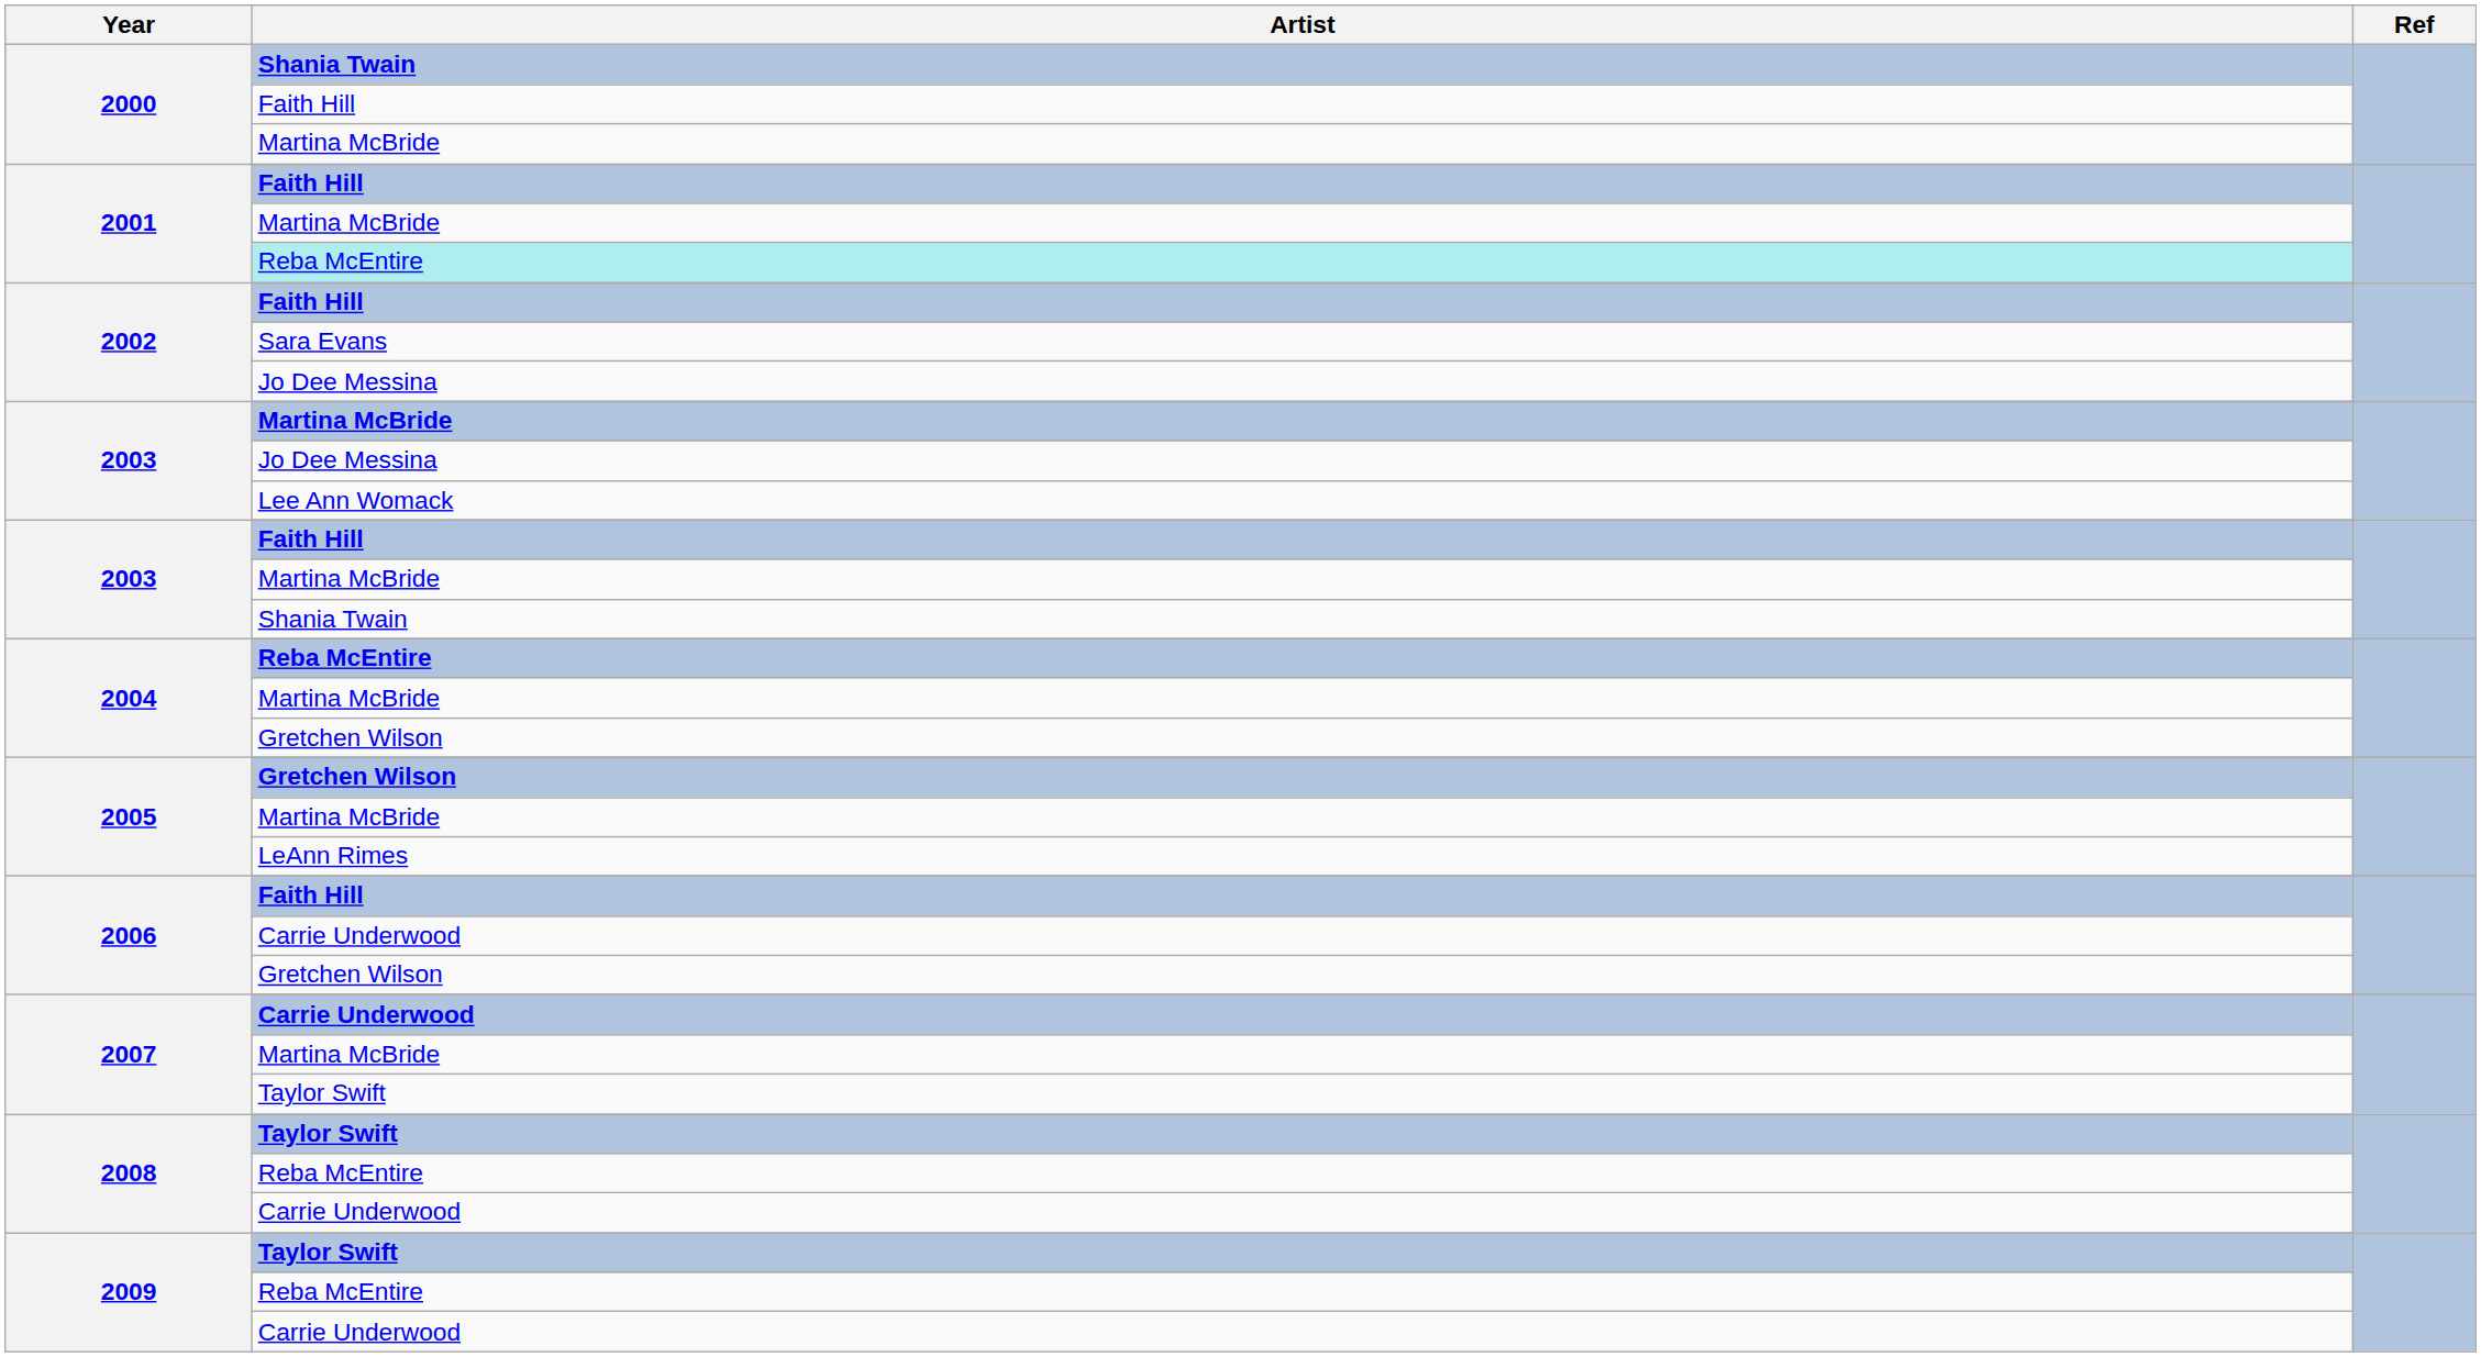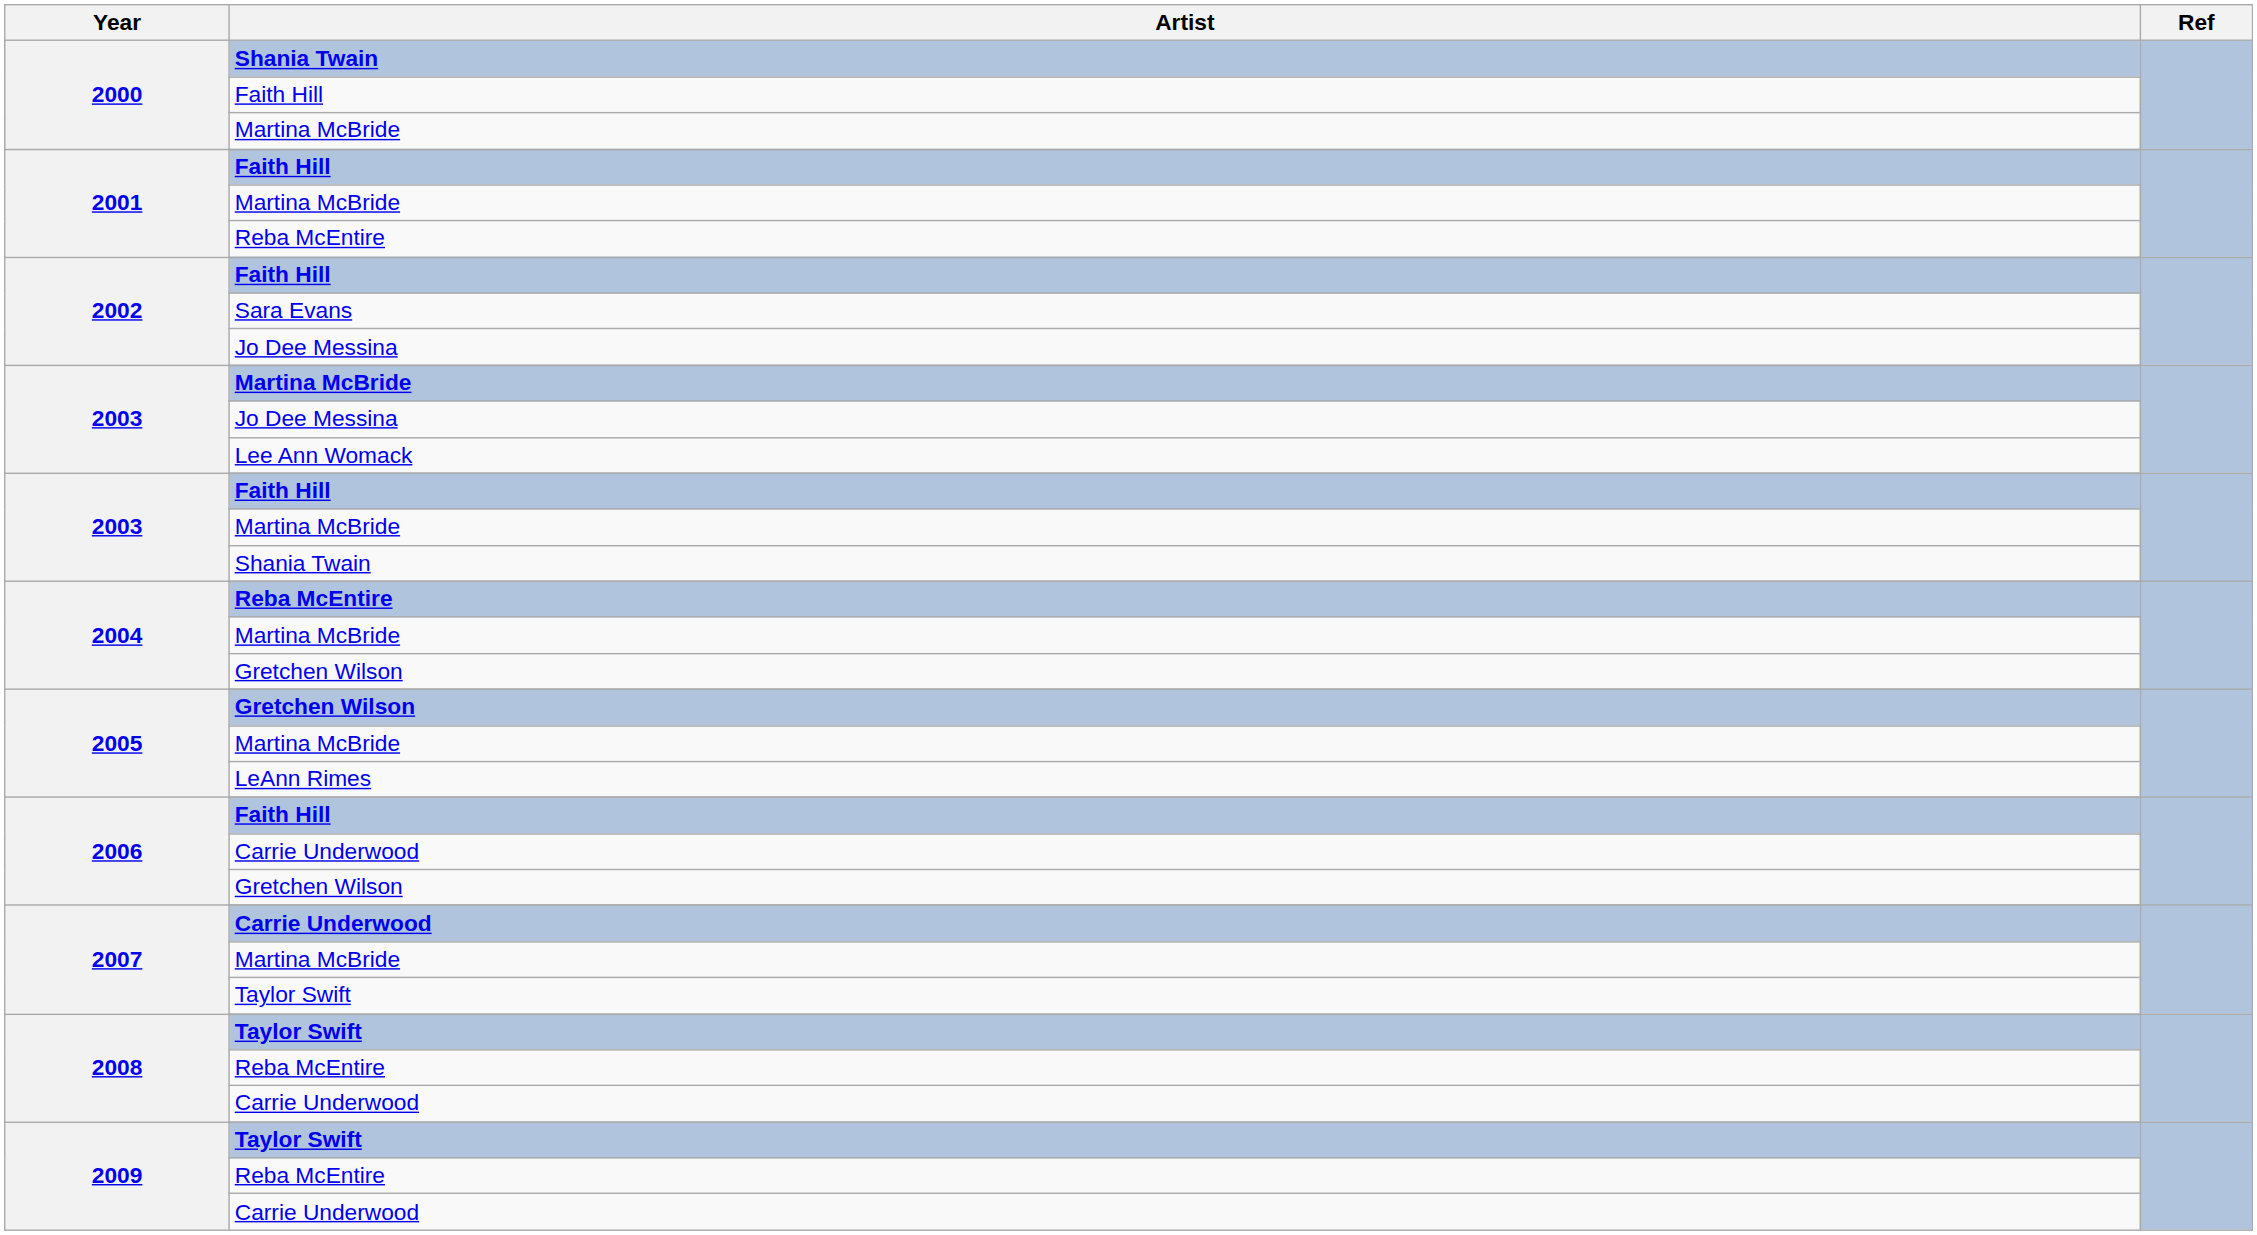 <table class="wikitable" width="100%">
 <tr>
 <th width="10%">Year</th>
 <th width="85%">Artist</th>
 <th width="5%">Ref</th>
 </tr>
 <tr style="background:#B0C4DE">
 <th rowspan="3"><a href='#'>2000<br></a></th>
 <td><strong><a href='#'>Shania Twain</a></strong></td>
 <td rowspan="4" align="center"></td>
 </tr>
 <tr>
 <td><a href='#'>Faith Hill</a></td>
 </tr>
 <tr>
 <td><a href='#'>Martina McBride</a></td>
 </tr>
 <tr>
 <th rowspan="4" align="center"><a href='#'>2001<br></a></th>
 </tr>
 <tr style="background:#B0C4DE">
 <td><strong><a href='#'>Faith Hill</a></strong></td>
 <td rowspan="4" align="center"></td>
 </tr>
 <tr>
 <td><a href='#'>Martina McBride</a></td>
 </tr>
 <tr>
-<td style="background: paleturquoise;"><a href='#'>Reba McEntire</a></td>
+<td><a href='#'>Reba McEntire</a></td>
 </tr>
 <tr>
 <th rowspan="4" align="center"><a href='#'>2002<br></a></th>
 </tr>
 <tr style="background:#B0C4DE">
 <td><strong><a href='#'>Faith Hill</a></strong></td>
 <td rowspan="4" align="center"></td>
 </tr>
 <tr>
 <td><a href='#'>Sara Evans</a></td>
 </tr>
 <tr>
 <td><a href='#'>Jo Dee Messina</a></td>
 </tr>
 <tr>
 <th rowspan="4" align="center"><a href='#'>2003<br></a></th>
 </tr>
 <tr style="background:#B0C4DE">
 <td><strong><a href='#'>Martina McBride</a></strong></td>
 <td rowspan="4" align="center"></td>
 </tr>
 <tr>
 <td><a href='#'>Jo Dee Messina</a></td>
 </tr>
 <tr>
 <td><a href='#'>Lee Ann Womack</a></td>
 </tr>
 <tr>
 <th rowspan="4" align="center"><a href='#'>2003<br></a></th>
 </tr>
 <tr style="background:#B0C4DE">
 <td><strong><a href='#'>Faith Hill</a></strong></td>
 <td rowspan="4" align="center"></td>
 </tr>
 <tr>
 <td><a href='#'>Martina McBride</a></td>
 </tr>
 <tr>
 <td><a href='#'>Shania Twain</a></td>
 </tr>
 <tr>
 <th rowspan="4" align="center"><a href='#'>2004<br></a></th>
 </tr>
 <tr style="background:#B0C4DE">
 <td><strong><a href='#'>Reba McEntire</a></strong></td>
 <td rowspan="4" align="center"></td>
 </tr>
 <tr>
 <td><a href='#'>Martina McBride</a></td>
 </tr>
 <tr>
 <td><a href='#'>Gretchen Wilson</a></td>
 </tr>
 <tr>
 <th rowspan="4" align="center"><a href='#'>2005<br></a></th>
 </tr>
 <tr style="background:#B0C4DE">
 <td><strong><a href='#'>Gretchen Wilson</a></strong></td>
 <td rowspan="4" align="center"></td>
 </tr>
 <tr>
 <td><a href='#'>Martina McBride</a></td>
 </tr>
 <tr>
 <td><a href='#'>LeAnn Rimes</a></td>
 </tr>
 <tr>
 <th rowspan="4" align="center"><a href='#'>2006<br></a></th>
 </tr>
 <tr style="background:#B0C4DE">
 <td><strong><a href='#'>Faith Hill</a></strong></td>
 <td rowspan="4" align="center"></td>
 </tr>
 <tr>
 <td><a href='#'>Carrie Underwood</a></td>
 </tr>
 <tr>
 <td><a href='#'>Gretchen Wilson</a></td>
 </tr>
 <tr>
 <th rowspan="4" align="center"><a href='#'>2007<br></a></th>
 </tr>
 <tr style="background:#B0C4DE">
 <td><strong><a href='#'>Carrie Underwood</a></strong></td>
 <td rowspan="4" align="center"></td>
 </tr>
 <tr>
 <td><a href='#'>Martina McBride</a></td>
 </tr>
 <tr>
 <td><a href='#'>Taylor Swift</a></td>
 </tr>
 <tr>
 <th rowspan="4" align="center"><a href='#'>2008<br></a></th>
 </tr>
 <tr style="background:#B0C4DE">
 <td><strong><a href='#'>Taylor Swift</a></strong></td>
 <td rowspan="4" align="center"></td>
 </tr>
 <tr>
 <td><a href='#'>Reba McEntire</a></td>
 </tr>
 <tr>
 <td><a href='#'>Carrie Underwood</a></td>
 </tr>
 <tr>
 <th rowspan="4" align="center"><a href='#'>2009<br></a></th>
 </tr>
 <tr style="background:#B0C4DE">
 <td><strong><a href='#'>Taylor Swift</a></strong></td>
 <td rowspan="4" align="center"></td>
 </tr>
 <tr>
 <td><a href='#'>Reba McEntire</a></td>
 </tr>
 <tr>
 <td><a href='#'>Carrie Underwood</a></td>
 </tr>
 </table>
